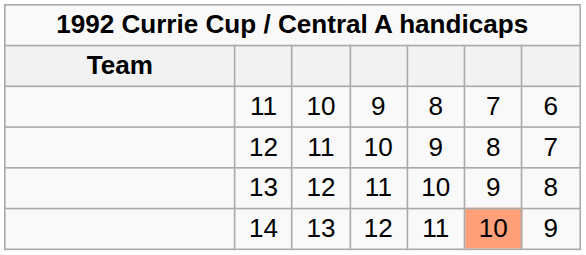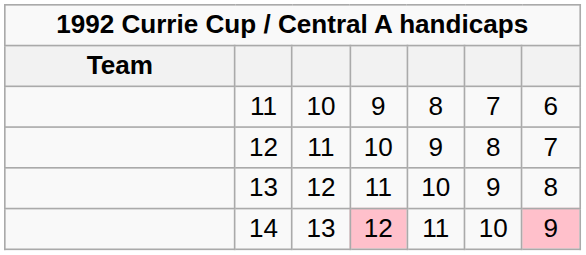 <table class="wikitable" style="text-align:center; line-height:110%; font-size:100%; width:40%;">
 <tr>
 <td colspan="12" cellpadding="0" cellspacing="0"><strong>1992 Currie Cup / Central A handicaps</strong></td>
 </tr>
 <tr>
 <th style="width:40%;">Team</th>
 <th style="width:10%;"></th>
 <th style="width:10%;"></th>
 <th style="width:10%;"></th>
 <th style="width:10%;"></th>
 <th style="width:10%;"></th>
 <th style="width:10%;"></th>
 </tr>
 <tr>
 <td align=left></td>
 <td>11</td>
 <td>10</td>
 <td>9</td>
 <td>8</td>
 <td>7</td>
 <td>6</td>
 </tr>
 <tr>
 <td align=left></td>
 <td>12</td>
 <td>11</td>
 <td>10</td>
 <td>9</td>
 <td>8</td>
 <td>7</td>
 </tr>
 <tr>
 <td align=left></td>
 <td>13</td>
 <td>12</td>
 <td>11</td>
 <td>10</td>
 <td>9</td>
 <td>8</td>
 </tr>
 <tr>
 <td align=left></td>
 <td>14</td>
 <td>13</td>
-<td>12</td>
+<td style="background: pink;">12</td>
 <td>11</td>
-<td style="background: lightsalmon;">10</td>
-<td>9</td>
+<td>10</td>
+<td style="background: pink;">9</td>
 </tr>
 </table>
